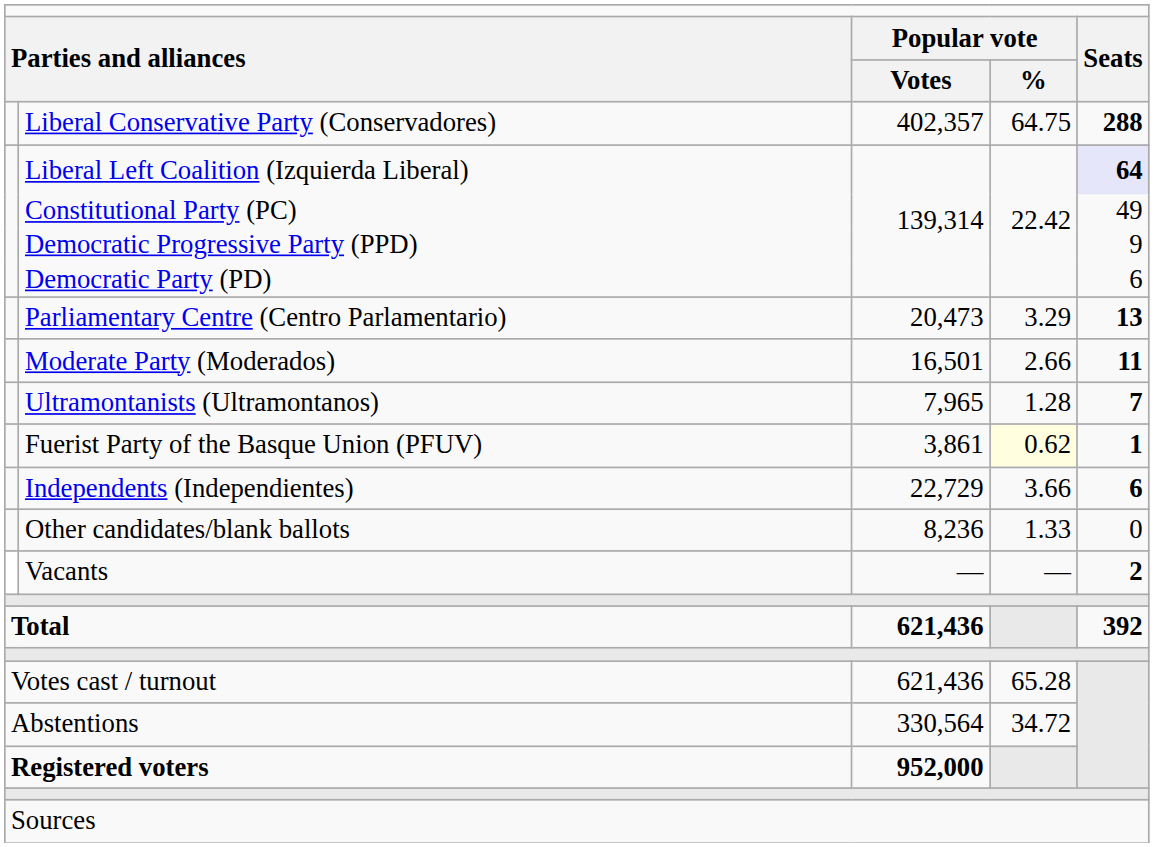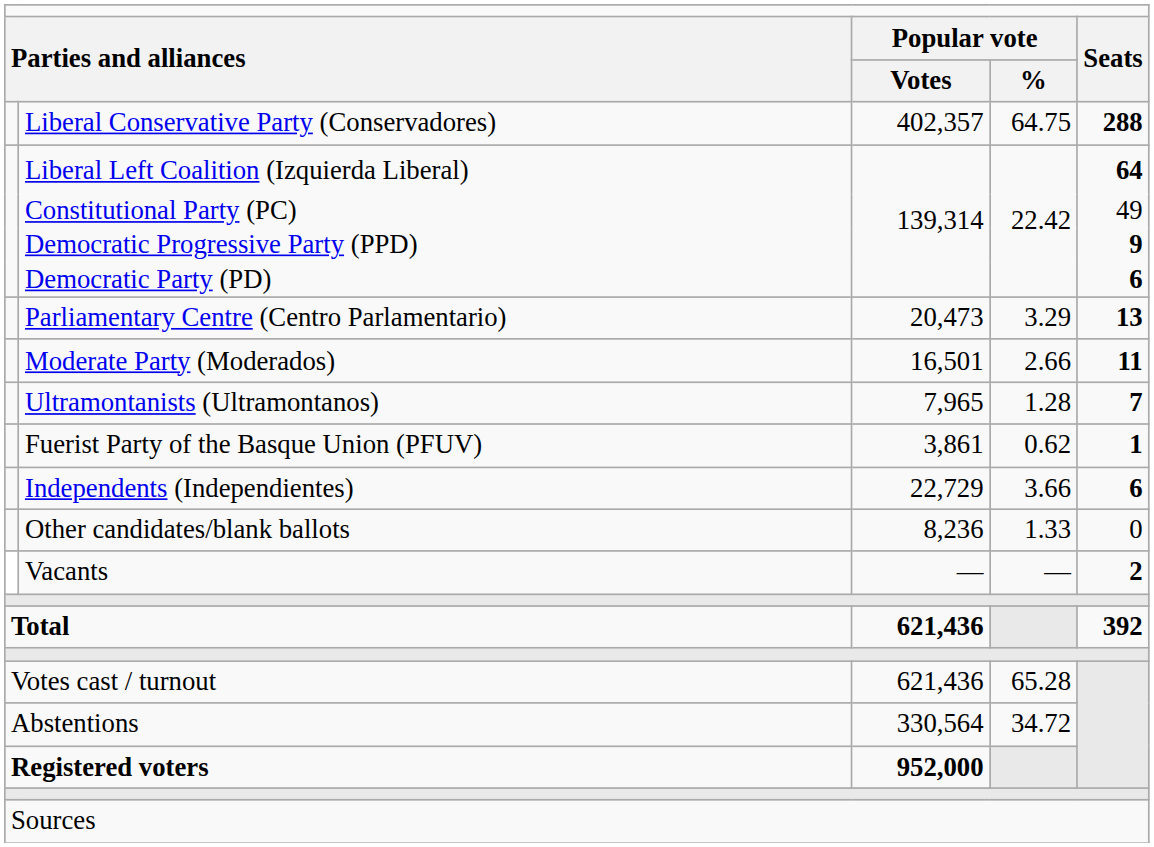 <table class="wikitable" style="text-align:right;">
 <tr>
 <td colspan="5"></td>
 </tr>
 <tr>
 <th style="text-align:left;" rowspan="2" colspan="2" width="500">Parties and alliances</th>
 <th colspan="2">Popular vote</th>
 <th rowspan="2" width="35">Seats</th>
 </tr>
 <tr>
 <th width="75">Votes</th>
 <th width="45">%</th>
 </tr>
 <tr>
 <td width="1" style="color:inherit;background:"></td>
 <td align="left"><a href='#'>Liberal Conservative Party</a> (Conservadores)</td>
 <td>402,357</td>
 <td>64.75</td>
 <td><strong>288</strong></td>
 </tr>
 <tr style="line-height:23px;">
 <td rowspan="4" style="color:inherit;background:"></td>
 <td align="left"><a href='#'>Liberal Left Coalition</a> (Izquierda Liberal)</td>
 <td rowspan="4">139,314</td>
 <td rowspan="4">22.42</td>
-<td style="background: lavender;"><strong>64</strong></td>
+<td><strong>64</strong></td>
 </tr>
 <tr style="border-bottom-style:hidden; border-top-style:hidden; line-height:14px;">
 <td align="left"><span><a href='#'>Constitutional Party</a> (PC)</span></td>
 <td>49</td>
 </tr>
 <tr style="border-bottom-style:hidden; line-height:14px;">
 <td align="left"><span><a href='#'>Democratic Progressive Party</a> (PPD)</span></td>
-<td>9</td>
+<td><strong>9</strong></td>
 </tr>
 <tr style="line-height:14px;">
 <td align="left"><span><a href='#'>Democratic Party</a> (PD)</span></td>
-<td>6</td>
+<td><strong>6</strong></td>
 </tr>
 <tr>
 <td style="color:inherit;background:"></td>
 <td align="left"><a href='#'>Parliamentary Centre</a> (Centro Parlamentario)</td>
 <td>20,473</td>
 <td>3.29</td>
 <td><strong>13</strong></td>
 </tr>
 <tr>
 <td style="color:inherit;background:"></td>
 <td align="left"><a href='#'>Moderate Party</a> (Moderados)</td>
 <td>16,501</td>
 <td>2.66</td>
 <td><strong>11</strong></td>
 </tr>
 <tr>
 <td style="color:inherit;background:"></td>
 <td align="left"><a href='#'>Ultramontanists</a> (Ultramontanos)</td>
 <td>7,965</td>
 <td>1.28</td>
 <td><strong>7</strong></td>
 </tr>
 <tr>
 <td style="color:inherit;background:"></td>
 <td align="left">Fuerist Party of the Basque Union (PFUV)</td>
 <td>3,861</td>
-<td style="background: lightyellow;">0.62</td>
+<td>0.62</td>
 <td><strong>1</strong></td>
 </tr>
 <tr>
 <td style="color:inherit;background:"></td>
 <td align="left"><a href='#'>Independents</a> (Independientes)</td>
 <td>22,729</td>
 <td>3.66</td>
 <td><strong>6</strong></td>
 </tr>
 <tr>
 <td style="color:inherit;background:"></td>
 <td align="left">Other candidates/blank ballots</td>
 <td>8,236</td>
 <td>1.33</td>
 <td>0</td>
 </tr>
 <tr>
 <td bgcolor="white"></td>
 <td align="left">Vacants</td>
 <td>—</td>
 <td>—</td>
 <td><strong>2</strong></td>
 </tr>
 <tr>
 <td colspan="5" bgcolor="#E9E9E9"></td>
 </tr>
 <tr style="font-weight:bold;">
 <td align="left" colspan="2">Total</td>
 <td>621,436</td>
 <td bgcolor="#E9E9E9"></td>
 <td>392</td>
 </tr>
 <tr>
 <td colspan="5" bgcolor="#E9E9E9"></td>
 </tr>
 <tr>
 <td align="left" colspan="2">Votes cast / turnout</td>
 <td>621,436</td>
 <td>65.28</td>
 <td bgcolor="#E9E9E9" rowspan="3"></td>
 </tr>
 <tr>
 <td align="left" colspan="2">Abstentions</td>
 <td>330,564</td>
 <td>34.72</td>
 </tr>
 <tr style="font-weight:bold;">
 <td align="left" colspan="2">Registered voters</td>
 <td>952,000</td>
 <td bgcolor="#E9E9E9"></td>
 </tr>
 <tr>
 <td colspan="5" bgcolor="#E9E9E9"></td>
 </tr>
 <tr>
 <td align="left" colspan="5">Sources</td>
 </tr>
 </table>
